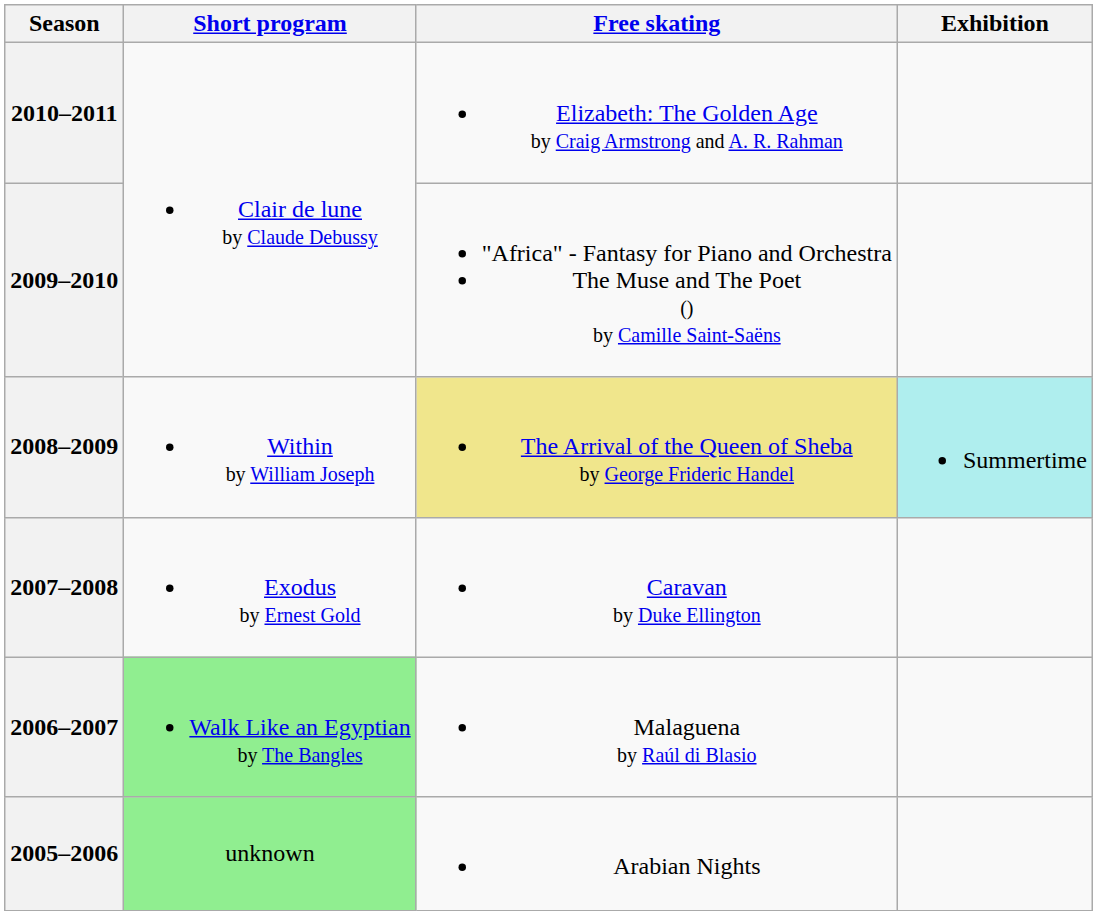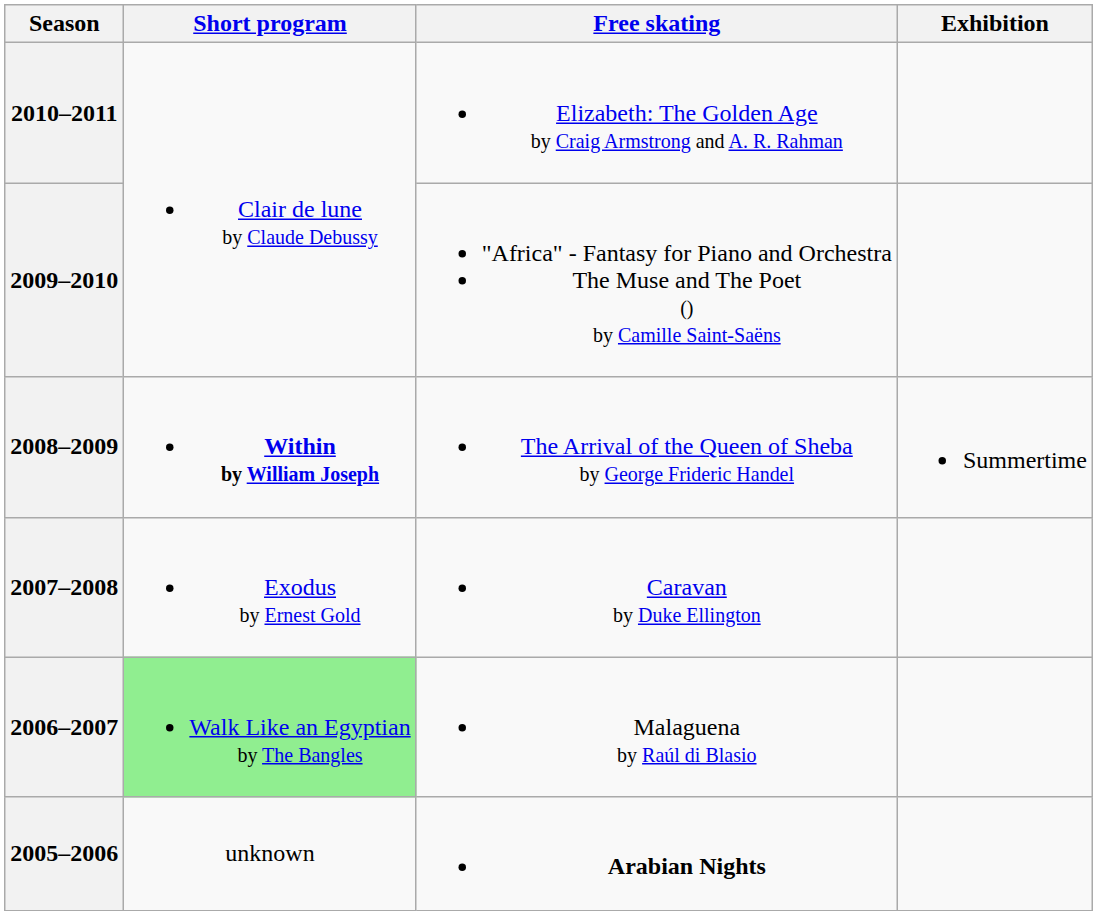 <table class="wikitable" style="text-align:center">
 <tr>
 <th>Season</th>
 <th><a href='#'>Short program</a></th>
 <th><a href='#'>Free skating</a></th>
 <th>Exhibition</th>
 </tr>
 <tr>
 <th>2010–2011 <br> </th>
 <td rowspan=2><br><ul><li><a href='#'>Clair de lune</a> <br><small> by <a href='#'>Claude Debussy</a> </small></li></ul></td>
 <td><br><ul><li><a href='#'>Elizabeth: The Golden Age</a> <br><small> by <a href='#'>Craig Armstrong</a> and <a href='#'>A. R. Rahman</a> </small></li></ul></td>
 <td></td>
 </tr>
 <tr>
 <th>2009–2010</th>
 <td><br><ul><li>"Africa" - Fantasy for Piano and Orchestra</li><li>The Muse and The Poet <br><small> () <br> by <a href='#'>Camille Saint-Saëns</a> </small></li></ul></td>
 <td></td>
 </tr>
 <tr>
 <th>2008–2009 <br> </th>
-<td><br><ul><li><a href='#'>Within</a> <br><small> by <a href='#'>William Joseph</a> </small></li></ul></td>
-<td style="background: khaki;"><br><ul><li><a href='#'>The Arrival of the Queen of Sheba</a> <br><small> by <a href='#'>George Frideric Handel</a> </small></li></ul></td>
-<td style="background: paleturquoise;"><br><ul><li>Summertime</li></ul></td>
+<td><strong><br><ul><li><a href='#'>Within</a> <br><small> by <a href='#'>William Joseph</a> </small></li></ul></strong></td>
+<td><br><ul><li><a href='#'>The Arrival of the Queen of Sheba</a> <br><small> by <a href='#'>George Frideric Handel</a> </small></li></ul></td>
+<td><br><ul><li>Summertime</li></ul></td>
 </tr>
 <tr>
 <th>2007–2008 <br> </th>
 <td><br><ul><li><a href='#'>Exodus</a> <br><small> by <a href='#'>Ernest Gold</a> </small></li></ul></td>
 <td><br><ul><li><a href='#'>Caravan</a> <br><small> by <a href='#'>Duke Ellington</a> </small></li></ul></td>
 <td></td>
 </tr>
 <tr>
 <th>2006–2007</th>
 <td style="background: lightgreen;"><br><ul><li><a href='#'>Walk Like an Egyptian</a> <br><small> by <a href='#'>The Bangles</a> </small></li></ul></td>
 <td><br><ul><li>Malaguena <br><small> by <a href='#'>Raúl di Blasio</a> </small></li></ul></td>
 <td></td>
 </tr>
 <tr>
 <th>2005–2006</th>
-<td align="center" style="background: lightgreen;">unknown</td>
-<td><br><ul><li>Arabian Nights</li></ul></td>
+<td align="center">unknown</td>
+<td><strong><br><ul><li>Arabian Nights</li></ul></strong></td>
 <td></td>
 </tr>
 </table>
